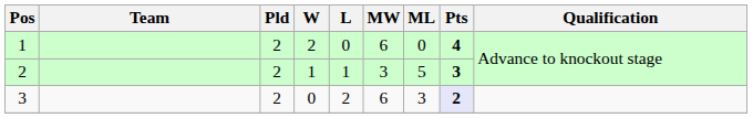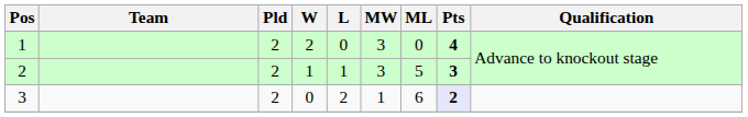 <table class="wikitable" style="text-align:center">
 <tr>
 <th width=25>Pos</th>
 <th width=200>Team</th>
 <th width=25>Pld</th>
 <th width=25>W</th>
 <th width=25>L</th>
 <th width=25>MW</th>
 <th width=25>ML</th>
 <th width=25>Pts</th>
 <th width=250>Qualification</th>
 </tr>
 <tr bgcolor=ccffcc>
 <td>1</td>
 <td style="text-align:left;"></td>
 <td>2</td>
 <td>2</td>
 <td>0</td>
-<td>6</td>
+<td>3</td>
 <td>0</td>
 <td><strong>4</strong></td>
 <td rowspan=2 style="text-align:left;">Advance to knockout stage</td>
 </tr>
 <tr bgcolor=ccffcc>
 <td>2</td>
 <td style="text-align:left;"></td>
 <td>2</td>
 <td>1</td>
 <td>1</td>
 <td>3</td>
 <td>5</td>
 <td><strong>3</strong></td>
 </tr>
 <tr>
 <td>3</td>
 <td style="text-align:left;"></td>
 <td>2</td>
 <td>0</td>
 <td>2</td>
+<td>1</td>
 <td>6</td>
-<td>3</td>
 <td style="background: lavender;"><strong>2</strong></td>
 <td></td>
 </tr>
 <tr>
 </tr>
 </table>
